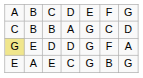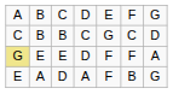 <table class="wikitable" border="1" align="center" style="margin: 1em auto 1em auto; text-align:center; width:200px">
 <tr>
 <td>A</td>
 <td>B</td>
 <td>C</td>
 <td>D</td>
 <td>E</td>
 <td>F</td>
 <td>G</td>
 </tr>
 <tr>
 <td>C</td>
 <td>B</td>
 <td>B</td>
-<td>A</td>
+<td>C</td>
 <td>G</td>
 <td>C</td>
 <td>D</td>
 </tr>
 <tr>
 <td style="background: khaki;">G</td>
 <td>E</td>
+<td>E</td>
 <td>D</td>
-<td>D</td>
-<td>G</td>
+<td>F</td>
 <td>F</td>
 <td>A</td>
 </tr>
 <tr>
 <td>E</td>
 <td>A</td>
-<td>E</td>
-<td>C</td>
-<td>G</td>
+<td>D</td>
+<td>A</td>
+<td>F</td>
 <td>B</td>
 <td>G</td>
 </tr>
 </table>
